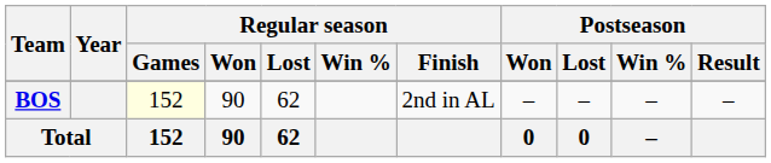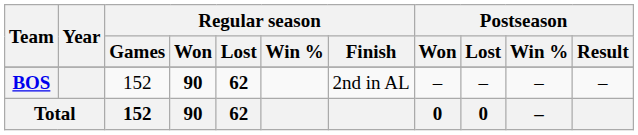 <table class="wikitable" style="font-size: 95%; text-align:center;">
 <tr>
 <th rowspan="2">Team</th>
 <th rowspan="2">Year</th>
 <th colspan="5">Regular season</th>
 <th colspan="4">Postseason</th>
 </tr>
 <tr>
 <th>Games</th>
 <th>Won</th>
 <th>Lost</th>
 <th>Win %</th>
 <th>Finish</th>
 <th>Won</th>
 <th>Lost</th>
 <th>Win %</th>
 <th>Result</th>
 </tr>
 <tr>
 </tr>
 <tr>
 <th><a href='#'>BOS</a></th>
 <th></th>
-<td style="background: lightyellow;">152</td>
-<td>90</td>
-<td>62</td>
+<td>152</td>
+<td><strong>90</strong></td>
+<td><strong>62</strong></td>
 <td></td>
 <td>2nd in AL</td>
 <td>–</td>
 <td>–</td>
 <td>–</td>
 <td>–</td>
 </tr>
 <tr>
 <th colspan="2">Total</th>
 <th>152</th>
 <th>90</th>
 <th>62</th>
 <th></th>
 <th></th>
 <th>0</th>
 <th>0</th>
 <th>–</th>
 <th></th>
 </tr>
 </table>
